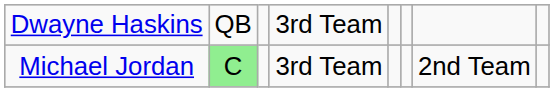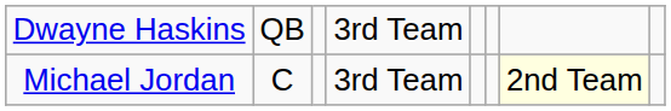 <table class="wikitable sortable sortable" style="text-align: center">
 <tr>
 <td><a href='#'>Dwayne Haskins</a></td>
 <td>QB</td>
 <td></td>
 <td>3rd Team</td>
 <td></td>
 <td></td>
 <td></td>
 <td></td>
 </tr>
 <tr>
 <td><a href='#'>Michael Jordan</a></td>
-<td style="background: lightgreen;">C</td>
+<td>C</td>
 <td></td>
 <td>3rd Team</td>
 <td></td>
 <td></td>
-<td>2nd Team</td>
+<td style="background: lightyellow;">2nd Team</td>
 <td></td>
 </tr>
 </table>
